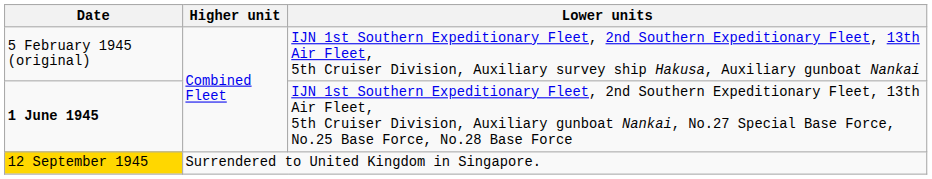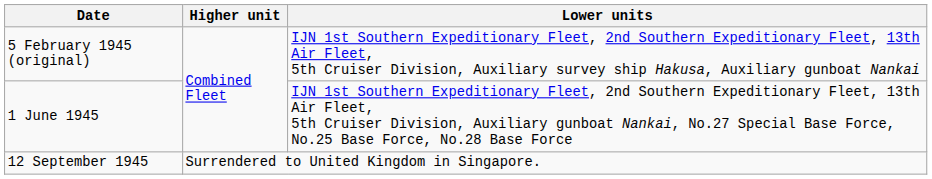 <table class="wikitable">
 <tr>
 <th>Date</th>
 <th>Higher unit</th>
 <th>Lower units</th>
 </tr>
 <tr>
 <td>5 February 1945 (original)</td>
 <td rowspan="2"><a href='#'>Combined Fleet</a></td>
 <td><a href='#'>IJN 1st Southern Expeditionary Fleet</a>, <a href='#'>2nd Southern Expeditionary Fleet</a>, <a href='#'>13th Air Fleet</a>,<br>5th Cruiser Division, Auxiliary survey ship <em>Hakusa</em>, Auxiliary gunboat <em>Nankai</em></td>
 </tr>
 <tr>
-<td><strong>1 June 1945</strong></td>
+<td>1 June 1945</td>
 <td><a href='#'>IJN 1st Southern Expeditionary Fleet</a>, 2nd Southern Expeditionary Fleet, 13th Air Fleet,<br>5th Cruiser Division, Auxiliary gunboat <em>Nankai</em>, No.27 Special Base Force, No.25 Base Force, No.28 Base Force</td>
 </tr>
 <tr>
-<td style="background: gold;">12 September 1945</td>
+<td>12 September 1945</td>
 <td colspan="2">Surrendered to United Kingdom in Singapore.</td>
 </tr>
 </table>
